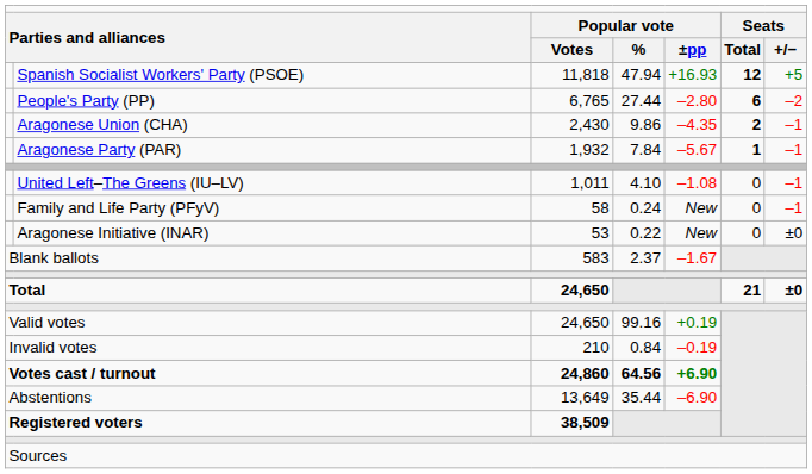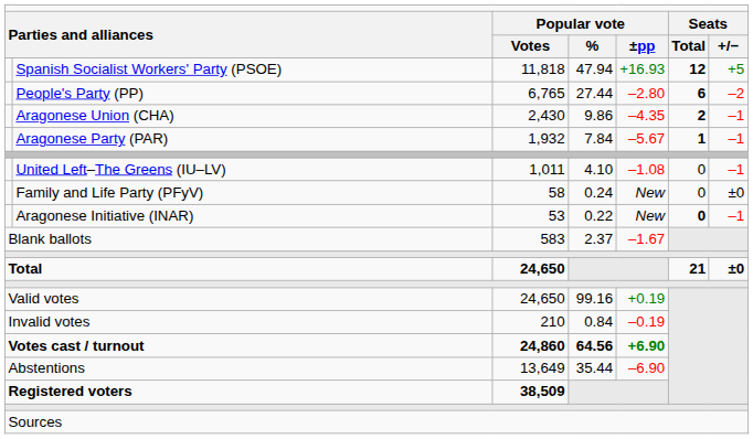 <table class="wikitable" style="text-align:right;">
 <tr>
 <td colspan="7"></td>
 </tr>
 <tr>
 <th style="text-align:left;" rowspan="2" colspan="2" width="525">Parties and alliances</th>
 <th colspan="3">Popular vote</th>
 <th colspan="2">Seats</th>
 </tr>
 <tr>
 <th width="75">Votes</th>
 <th width="45">%</th>
 <th width="45">±<a href='#'>pp</a></th>
 <th width="35">Total</th>
 <th width="35">+/−</th>
 </tr>
 <tr>
 <td width="1" style="color:inherit;background:"></td>
 <td align="left"><a href='#'>Spanish Socialist Workers' Party</a> (PSOE)</td>
 <td>11,818</td>
 <td>47.94</td>
 <td style="color:green;">+16.93</td>
 <td><strong>12</strong></td>
 <td style="color:green;">+5</td>
 </tr>
 <tr>
 <td style="color:inherit;background:"></td>
 <td align="left"><a href='#'>People's Party</a> (PP)</td>
 <td>6,765</td>
 <td>27.44</td>
 <td style="color:red;">–2.80</td>
 <td><strong>6</strong></td>
 <td style="color:red;">–2</td>
 </tr>
 <tr>
 <td style="color:inherit;background:"></td>
 <td align="left"><a href='#'>Aragonese Union</a> (CHA)</td>
 <td>2,430</td>
 <td>9.86</td>
 <td style="color:red;">–4.35</td>
 <td><strong>2</strong></td>
 <td style="color:red;">–1</td>
 </tr>
 <tr>
 <td style="color:inherit;background:"></td>
 <td align="left"><a href='#'>Aragonese Party</a> (PAR)</td>
 <td>1,932</td>
 <td>7.84</td>
 <td style="color:red;">–5.67</td>
 <td><strong>1</strong></td>
 <td style="color:red;">–1</td>
 </tr>
 <tr>
 <td colspan="7" bgcolor="#C0C0C0"></td>
 </tr>
 <tr>
 <td style="color:inherit;background:"></td>
 <td align="left"><a href='#'>United Left</a>–<a href='#'>The Greens</a> (IU–LV)</td>
 <td>1,011</td>
 <td>4.10</td>
 <td style="color:red;">–1.08</td>
 <td>0</td>
 <td style="color:red;">–1</td>
 </tr>
 <tr>
 <td style="color:inherit;background:"></td>
 <td align="left">Family and Life Party (PFyV)</td>
 <td>58</td>
 <td>0.24</td>
 <td><em>New</em></td>
 <td>0</td>
-<td style="color:red;">–1</td>
+<td>±0</td>
 </tr>
 <tr>
 <td style="color:inherit;background:"></td>
 <td align="left">Aragonese Initiative (INAR)</td>
 <td>53</td>
 <td>0.22</td>
 <td><em>New</em></td>
-<td>0</td>
-<td>±0</td>
+<td><strong>0</strong></td>
+<td style="color:red;">–1</td>
 </tr>
 <tr>
 <td align="left" colspan="2">Blank ballots</td>
 <td>583</td>
 <td>2.37</td>
 <td style="color:red;">–1.67</td>
 <td bgcolor="#E9E9E9" colspan="2"></td>
 </tr>
 <tr>
 <td colspan="7" bgcolor="#E9E9E9"></td>
 </tr>
 <tr style="font-weight:bold;">
 <td align="left" colspan="2">Total</td>
 <td>24,650</td>
 <td bgcolor="#E9E9E9" colspan="2"></td>
 <td>21</td>
 <td>±0</td>
 </tr>
 <tr>
 <td colspan="7" bgcolor="#E9E9E9"></td>
 </tr>
 <tr>
 <td align="left" colspan="2">Valid votes</td>
 <td>24,650</td>
 <td>99.16</td>
 <td style="color:green;">+0.19</td>
 <td bgcolor="#E9E9E9" colspan="2" rowspan="5"></td>
 </tr>
 <tr>
 <td align="left" colspan="2">Invalid votes</td>
 <td>210</td>
 <td>0.84</td>
 <td style="color:red;">–0.19</td>
 </tr>
 <tr style="font-weight:bold;">
 <td align="left" colspan="2">Votes cast / turnout</td>
 <td>24,860</td>
 <td>64.56</td>
 <td style="color:green;">+6.90</td>
 </tr>
 <tr>
 <td align="left" colspan="2">Abstentions</td>
 <td>13,649</td>
 <td>35.44</td>
 <td style="color:red;">–6.90</td>
 </tr>
 <tr style="font-weight:bold;">
 <td align="left" colspan="2">Registered voters</td>
 <td>38,509</td>
 <td bgcolor="#E9E9E9" colspan="2"></td>
 </tr>
 <tr>
 <td colspan="7" bgcolor="#E9E9E9"></td>
 </tr>
 <tr>
 <td align="left" colspan="7">Sources</td>
 </tr>
 </table>
